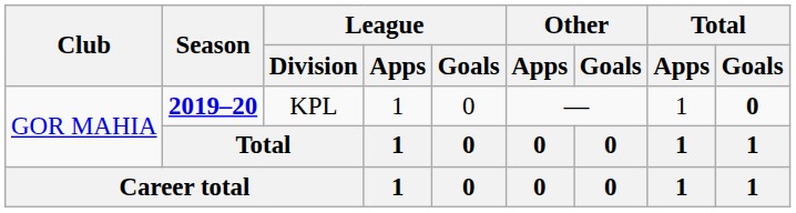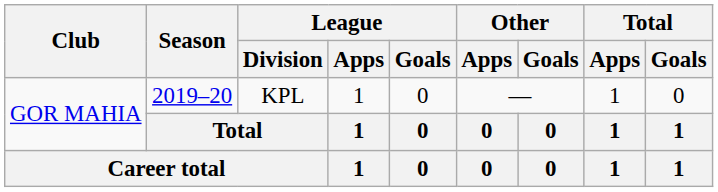 <table class="wikitable" style="text-align:center">
 <tr>
 <th rowspan="2">Club</th>
 <th rowspan="2">Season</th>
 <th colspan="3">League</th>
 <th colspan="2">Other</th>
 <th colspan="2">Total</th>
 </tr>
 <tr>
 <th>Division</th>
 <th>Apps</th>
 <th>Goals</th>
 <th>Apps</th>
 <th>Goals</th>
 <th>Apps</th>
 <th>Goals</th>
 </tr>
 <tr>
 <td rowspan="2"><a href='#'>GOR MAHIA</a></td>
-<td><strong><a href='#'>2019–20</a></strong></td>
+<td><a href='#'>2019–20</a></td>
 <td>KPL</td>
 <td>1</td>
 <td>0</td>
 <td colspan="2">—</td>
 <td>1</td>
-<td><strong>0</strong></td>
+<td>0</td>
 </tr>
 <tr>
 <th colspan="2">Total</th>
 <th>1</th>
 <th>0</th>
 <th>0</th>
 <th>0</th>
 <th>1</th>
 <th>1</th>
 </tr>
 <tr>
 <th colspan="3">Career total</th>
 <th>1</th>
 <th>0</th>
 <th>0</th>
 <th>0</th>
 <th>1</th>
 <th>1</th>
 </tr>
 </table>
